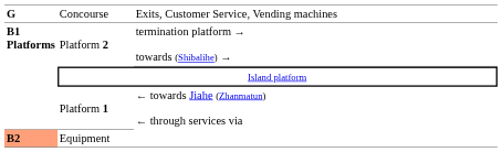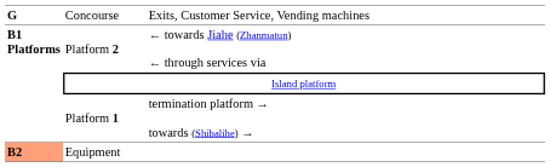 <table table border=0 cellspacing=0 cellpadding=3>
 <tr>
 <td style="border-bottom:solid 1px gray; border-top:solid 1px gray;" valign=top width=50><strong>G</strong></td>
 <td style="border-bottom:solid 1px gray; border-top:solid 1px gray;" valign=top width=100>Concourse<br></td>
 <td style="border-bottom:solid 1px gray; border-top:solid 1px gray;" valign=top width=500>Exits, Customer Service, Vending machines</td>
 </tr>
 <tr>
 <td style="border-bottom:solid 1px gray;" rowspan="3" valign=top><strong>B1<br>Platforms</strong></td>
 <td>Platform <span> <strong>2</strong></span></td>
-<td style="border-bottom:solid 1px gray;">  termination platform → <br><br>  towards  <small>(<a href='#'>Shibalihe</a>)</small> →</td>
+<td>←  towards <a href='#'>Jiahe</a> <small>(<a href='#'>Zhanmatun</a>)</small> <br><br>←  through services via </td>
 </tr>
 <tr>
 <td style="border-right:solid 2px black;border-left:solid 2px black;border-top:solid 2px black;border-bottom:solid 2px black;text-align:center;" colspan=2><small><a href='#'>Island platform</a></small></td>
 </tr>
 <tr>
 <td style="border-bottom:solid 1px gray;">Platform <span> <strong>1</strong></span></td>
-<td>←  towards <a href='#'>Jiahe</a> <small>(<a href='#'>Zhanmatun</a>)</small> <br><br>←  through services via </td>
+<td style="border-bottom:solid 1px gray;">  termination platform → <br><br>  towards  <small>(<a href='#'>Shibalihe</a>)</small> →</td>
 </tr>
 <tr>
 <td style="background: lightsalmon; border-bottom:solid 1px gray;" rowspan="1" valign=top><strong>B2</strong></td>
 <td style="border-bottom:solid 1px gray">Equipment</td>
 <td style="border-bottom:solid 1px gray"></td>
 </tr>
 </table>
